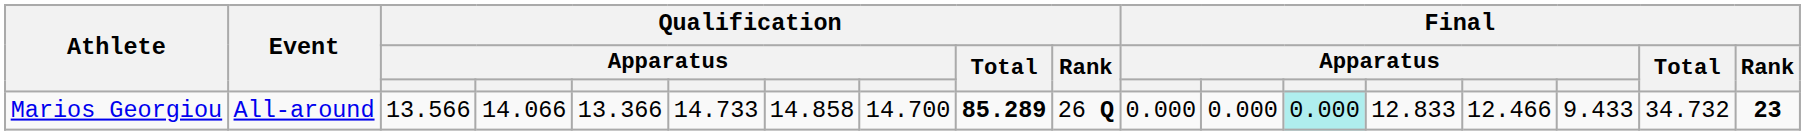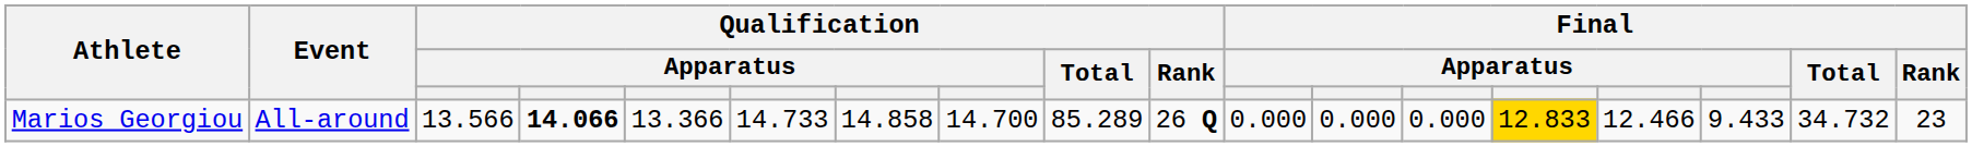 <table class="wikitable" style="font-size:90%">
 <tr>
 <th rowspan=3>Athlete</th>
 <th rowspan=3>Event</th>
 <th colspan =8>Qualification</th>
 <th colspan =8>Final</th>
 </tr>
 <tr style="font-size:95%">
 <th colspan=6>Apparatus</th>
 <th rowspan=2>Total</th>
 <th rowspan=2>Rank</th>
 <th colspan=6>Apparatus</th>
 <th rowspan=2>Total</th>
 <th rowspan=2>Rank</th>
 </tr>
 <tr style="font-size:95%">
 <th></th>
 <th></th>
 <th></th>
 <th></th>
 <th></th>
 <th></th>
 <th></th>
 <th></th>
 <th></th>
 <th></th>
 <th></th>
 <th></th>
 </tr>
 <tr align=center>
 <td align=left><a href='#'>Marios Georgiou</a></td>
 <td align=left><a href='#'>All-around</a></td>
 <td>13.566</td>
-<td>14.066</td>
+<td><strong>14.066</strong></td>
 <td>13.366</td>
 <td>14.733</td>
 <td>14.858</td>
 <td>14.700</td>
-<td><strong>85.289</strong></td>
+<td>85.289</td>
 <td>26 <strong>Q</strong></td>
 <td>0.000</td>
 <td>0.000</td>
-<td style="background: paleturquoise;">0.000</td>
-<td>12.833</td>
+<td>0.000</td>
+<td style="background: gold;">12.833</td>
 <td>12.466</td>
 <td>9.433</td>
 <td>34.732</td>
-<td><strong>23</strong></td>
+<td>23</td>
 </tr>
 </table>
